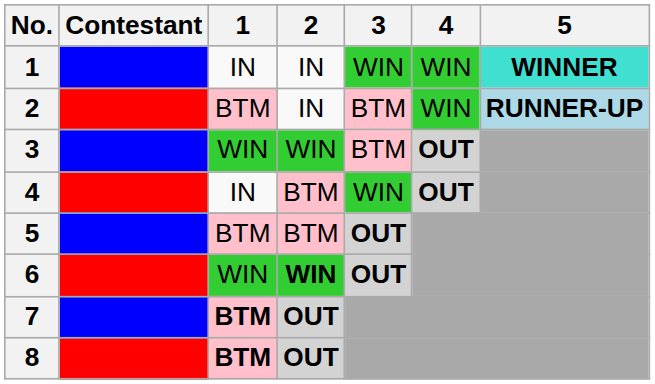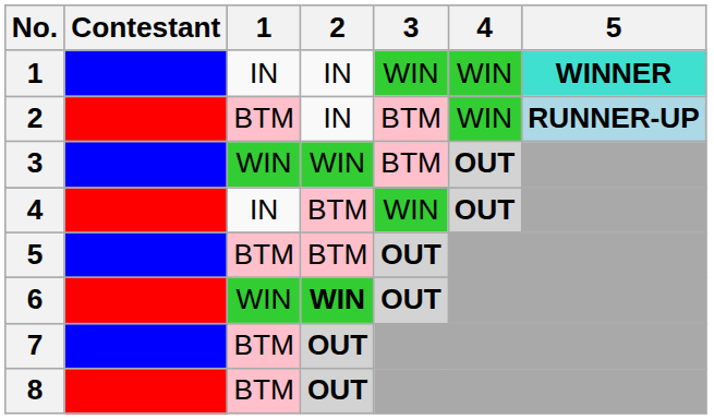 <table class="wikitable" align style="text-align:center" center>
 <tr>
 <th>No.</th>
 <th>Contestant</th>
 <th>1</th>
 <th>2</th>
 <th>3</th>
 <th>4</th>
 <th>5</th>
 </tr>
 <tr>
 <th>1</th>
 <td bgcolor="blue"></td>
 <td>IN</td>
 <td>IN</td>
 <td style="background:limegreen;">WIN</td>
 <td style="background:limegreen;">WIN</td>
 <td style="background:turquoise;"><strong>WINNER</strong></td>
 </tr>
 <tr>
 <th>2</th>
 <td bgcolor="red"></td>
 <td style="background:pink;">BTM</td>
 <td>IN</td>
 <td style="background:pink;">BTM</td>
 <td style="background:limegreen;">WIN</td>
 <td style="background:lightblue;"><strong>RUNNER-UP</strong></td>
 </tr>
 <tr>
 <th>3</th>
 <td bgcolor="blue"></td>
 <td style="background:limegreen;">WIN</td>
 <td style="background:limegreen;">WIN</td>
 <td style="background:pink;">BTM</td>
 <td style="background:lightgrey;"><strong>OUT</strong></td>
 <td style="background:darkgrey;"></td>
 </tr>
 <tr>
 <th>4</th>
 <td bgcolor="red"></td>
 <td>IN</td>
 <td style="background:pink;">BTM</td>
 <td style="background:limegreen;">WIN</td>
 <td style="background:lightgrey;"><strong>OUT</strong></td>
 <td style="background:darkgrey;"></td>
 </tr>
 <tr>
 <th>5</th>
 <td bgcolor="blue"></td>
 <td style="background:pink;">BTM</td>
 <td style="background:pink;">BTM</td>
 <td style="background:lightgrey;"><strong>OUT</strong></td>
 <td colspan=2 style="background:darkgrey;"></td>
 </tr>
 <tr>
 <th>6</th>
 <td bgcolor="red"></td>
 <td style="background:limegreen;">WIN</td>
 <td style="background:limegreen;"><strong>WIN</strong></td>
 <td style="background:lightgrey;"><strong>OUT</strong></td>
 <td colspan=2 style="background:darkgrey;"></td>
 </tr>
 <tr>
 <th>7</th>
 <td bgcolor="blue"></td>
-<td style="background:pink;"><strong>BTM</strong></td>
+<td style="background:pink;">BTM</td>
 <td style="background:lightgrey;"><strong>OUT</strong></td>
 <td colspan=3 style="background:darkgrey;"></td>
 </tr>
 <tr>
 <th>8</th>
 <td bgcolor="red"></td>
-<td style="background:pink;"><strong>BTM</strong></td>
+<td style="background:pink;">BTM</td>
 <td style="background:lightgrey;"><strong>OUT</strong></td>
 <td colspan=3 style="background:darkgrey;"></td>
 </tr>
 </table>
